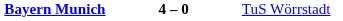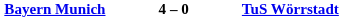 <table width=100% cellspacing=1>
 <tr>
 <th width=25%></th>
 <th width=10%></th>
 <th width=25%></th>
 <th></th>
 </tr>
 <tr style=font-size:90%>
 <td align=right><strong><a href='#'>Bayern Munich</a></strong></td>
 <td align=center><strong>4 – 0</strong></td>
-<td><a href='#'>TuS Wörrstadt</a></td>
+<td><strong><a href='#'>TuS Wörrstadt</a></strong></td>
 </tr>
 </table>
